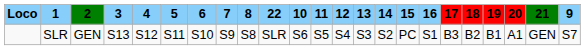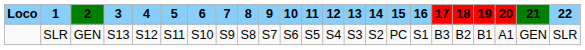 <table class="wikitable plainrowheaders unsortable" style="text-align:center">
 <tr>
 <th scope="col" rowspan="1" style="background:lightskyblue;">Loco</th>
 <th scope="col" rowspan="1" style="background:lightskyblue;">1</th>
 <th scope="col" rowspan="1" style="background:green;">2</th>
 <th scope="col" rowspan="1" style="background:lightskyblue;">3</th>
 <th scope="col" rowspan="1" style="background:lightskyblue;">4</th>
 <th scope="col" rowspan="1" style="background:lightskyblue;">5</th>
 <th scope="col" rowspan="1" style="background:lightskyblue;">6</th>
 <th scope="col" rowspan="1" style="background:lightskyblue;">7</th>
 <th scope="col" rowspan="1" style="background:lightskyblue;">8</th>
-<th scope="col" rowspan="1" style="background:lightskyblue;">22</th>
+<th scope="col" rowspan="1" style="background:lightskyblue;">9</th>
 <th scope="col" rowspan="1" style="background:lightskyblue;">10</th>
 <th scope="col" rowspan="1" style="background:lightskyblue;">11</th>
 <th scope="col" rowspan="1" style="background:lightskyblue;">12</th>
 <th scope="col" rowspan="1" style="background:lightskyblue;">13</th>
 <th scope="col" rowspan="1" style="background:lightskyblue;">14</th>
 <th scope="col" rowspan="1" style="background:lightskyblue;">15</th>
 <th scope="col" rowspan="1" style="background:lightskyblue;">16</th>
 <th scope="col" rowspan="1" style="background:red;">17</th>
 <th scope="col" rowspan="1" style="background:red;">18</th>
 <th scope="col" rowspan="1" style="background:red;">19</th>
 <th scope="col" rowspan="1" style="background:red;">20</th>
 <th scope="col" rowspan="1" style="background:green;">21</th>
-<th scope="col" rowspan="1" style="background:lightskyblue;">9</th>
+<th scope="col" rowspan="1" style="background:lightskyblue;">22</th>
 </tr>
 <tr>
 <td></td>
 <td>SLR</td>
 <td>GEN</td>
 <td>S13</td>
 <td>S12</td>
 <td>S11</td>
 <td>S10</td>
 <td>S9</td>
 <td>S8</td>
-<td>SLR</td>
+<td>S7</td>
 <td>S6</td>
 <td>S5</td>
 <td>S4</td>
 <td>S3</td>
 <td>S2</td>
 <td>PC</td>
 <td>S1</td>
 <td>B3</td>
 <td>B2</td>
 <td>B1</td>
 <td>A1</td>
 <td>GEN</td>
-<td>S7</td>
+<td>SLR</td>
 </tr>
 </table>
